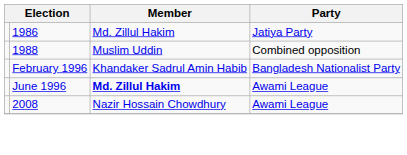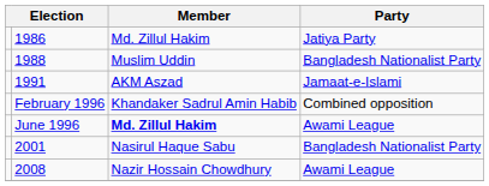 <table class="wikitable">
 <tr>
 <th colspan="2">Election</th>
 <th>Member</th>
 <th>Party</th>
 </tr>
 <tr>
 <td style="background-color:"></td>
 <td><a href='#'>1986</a></td>
 <td><a href='#'>Md. Zillul Hakim</a></td>
 <td><a href='#'>Jatiya Party</a></td>
 </tr>
 <tr>
 <td style="background-color"></td>
 <td><a href='#'>1988</a></td>
 <td><a href='#'>Muslim Uddin</a></td>
-<td>Combined opposition</td>
+<td><a href='#'>Bangladesh Nationalist Party</a></td>
+</tr>
+<tr>
+<td style="background-color:"></td>
+<td><a href='#'>1991</a></td>
+<td><a href='#'>AKM Aszad</a></td>
+<td><a href='#'>Jamaat-e-Islami</a></td>
 </tr>
 <tr>
 <td style="background-color:"></td>
 <td><a href='#'>February 1996</a></td>
 <td><a href='#'>Khandaker Sadrul Amin Habib</a></td>
-<td><a href='#'>Bangladesh Nationalist Party</a></td>
+<td>Combined opposition</td>
 </tr>
 <tr>
 <td style="background-color:"></td>
 <td><a href='#'>June 1996</a></td>
 <td><strong><a href='#'>Md. Zillul Hakim</a></strong></td>
 <td><a href='#'>Awami League</a></td>
+</tr>
+<tr>
+<td style="background-color:"></td>
+<td><a href='#'>2001</a></td>
+<td><a href='#'>Nasirul Haque Sabu</a></td>
+<td><a href='#'>Bangladesh Nationalist Party</a></td>
 </tr>
 <tr>
 <td style="background-color:"></td>
 <td><a href='#'>2008</a></td>
 <td><a href='#'>Nazir Hossain Chowdhury</a></td>
 <td><a href='#'>Awami League</a></td>
 </tr>
 <tr>
 </tr>
 </table>
